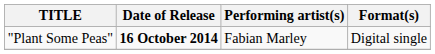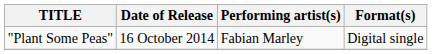 <table class="wikitable">
 <tr>
 <th>TITLE</th>
 <th>Date of Release</th>
 <th>Performing artist(s)</th>
 <th>Format(s)</th>
 </tr>
 <tr>
 <td>"Plant Some Peas"</td>
-<td><strong>16 October 2014</strong></td>
+<td>16 October 2014</td>
 <td>Fabian Marley</td>
 <td>Digital single</td>
 </tr>
 <tr>
 </tr>
 </table>
